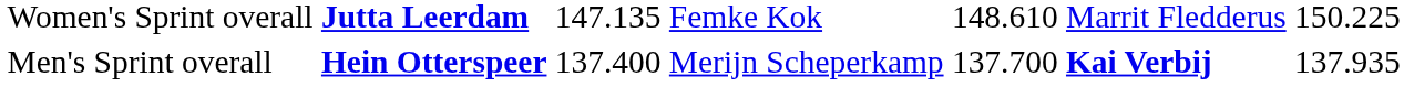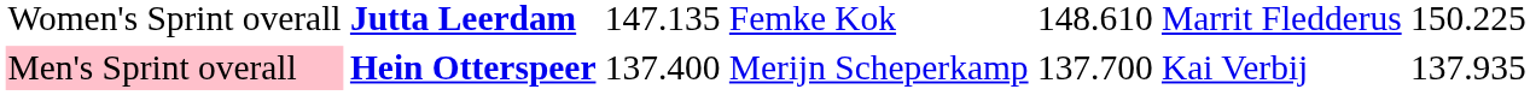 <table>
 <tr>
 <td>Women's Sprint overall</td>
 <td><strong><a href='#'>Jutta Leerdam</a></strong></td>
 <td>147.135</td>
 <td><a href='#'>Femke Kok</a></td>
 <td>148.610</td>
 <td><a href='#'>Marrit Fledderus</a></td>
 <td>150.225</td>
 </tr>
 <tr>
-<td>Men's Sprint overall</td>
+<td style="background: pink;">Men's Sprint overall</td>
 <td><strong><a href='#'>Hein Otterspeer</a></strong></td>
 <td>137.400</td>
 <td><a href='#'>Merijn Scheperkamp</a></td>
 <td>137.700</td>
-<td><strong><a href='#'>Kai Verbij</a></strong></td>
+<td><a href='#'>Kai Verbij</a></td>
 <td>137.935</td>
 </tr>
 </table>
